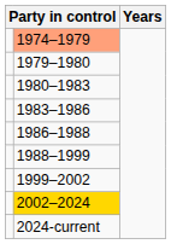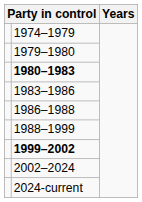 <table class="wikitable">
 <tr>
 <th colspan=2>Party in control</th>
 <th>Years</th>
 </tr>
 <tr>
 <td></td>
-<td style="background: lightsalmon;">1974–1979</td>
+<td>1974–1979</td>
 </tr>
 <tr>
 <td></td>
 <td>1979–1980</td>
 </tr>
 <tr>
 <td></td>
-<td>1980–1983</td>
+<td><strong>1980–1983</strong></td>
 </tr>
 <tr>
 <td></td>
 <td>1983–1986</td>
 </tr>
 <tr>
 <td></td>
 <td>1986–1988</td>
 </tr>
 <tr>
 <td></td>
 <td>1988–1999</td>
 </tr>
 <tr>
 <td></td>
-<td>1999–2002</td>
+<td><strong>1999–2002</strong></td>
 </tr>
 <tr>
 <td></td>
-<td style="background: gold;">2002–2024</td>
+<td>2002–2024</td>
 </tr>
 <tr>
 <td></td>
 <td>2024-current</td>
 </tr>
 </table>
